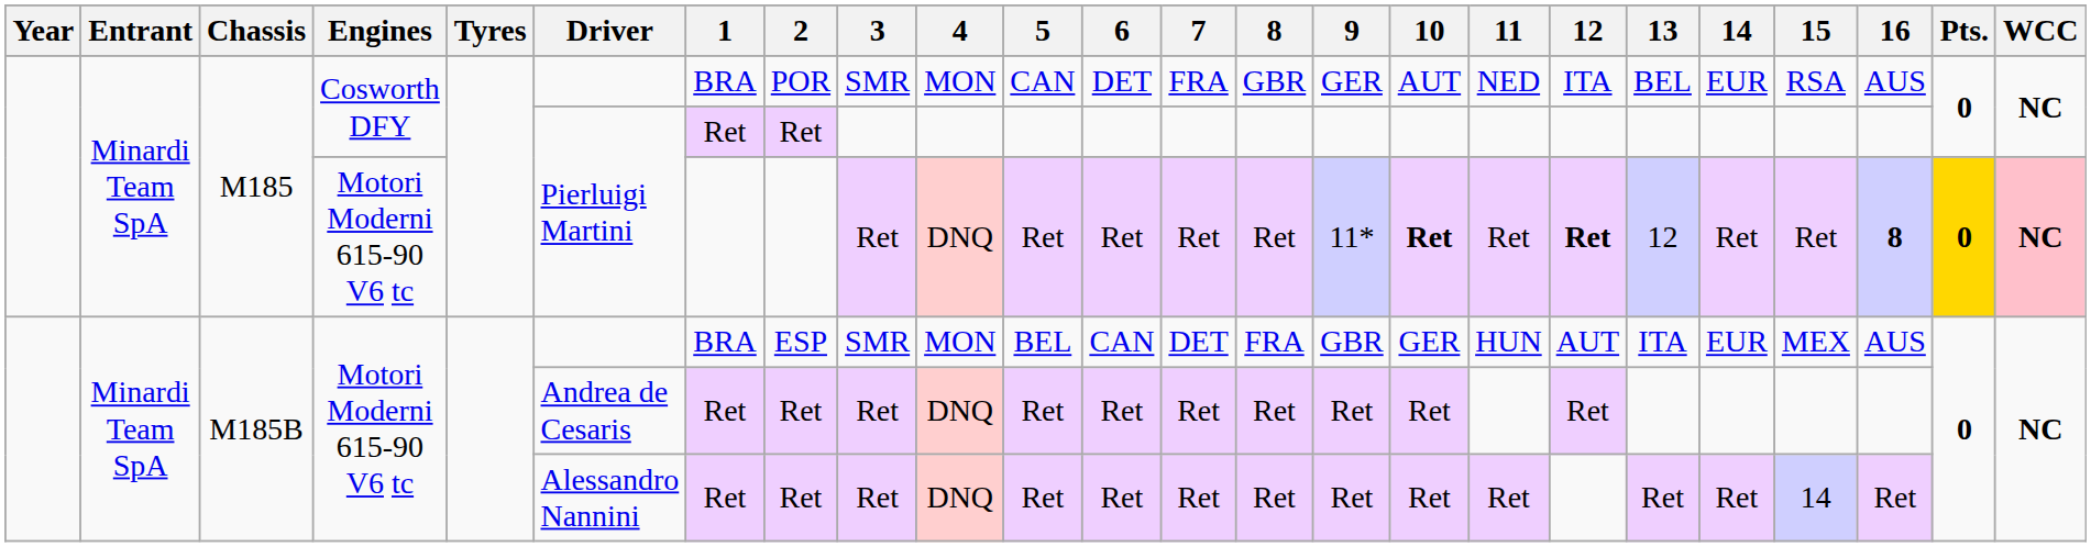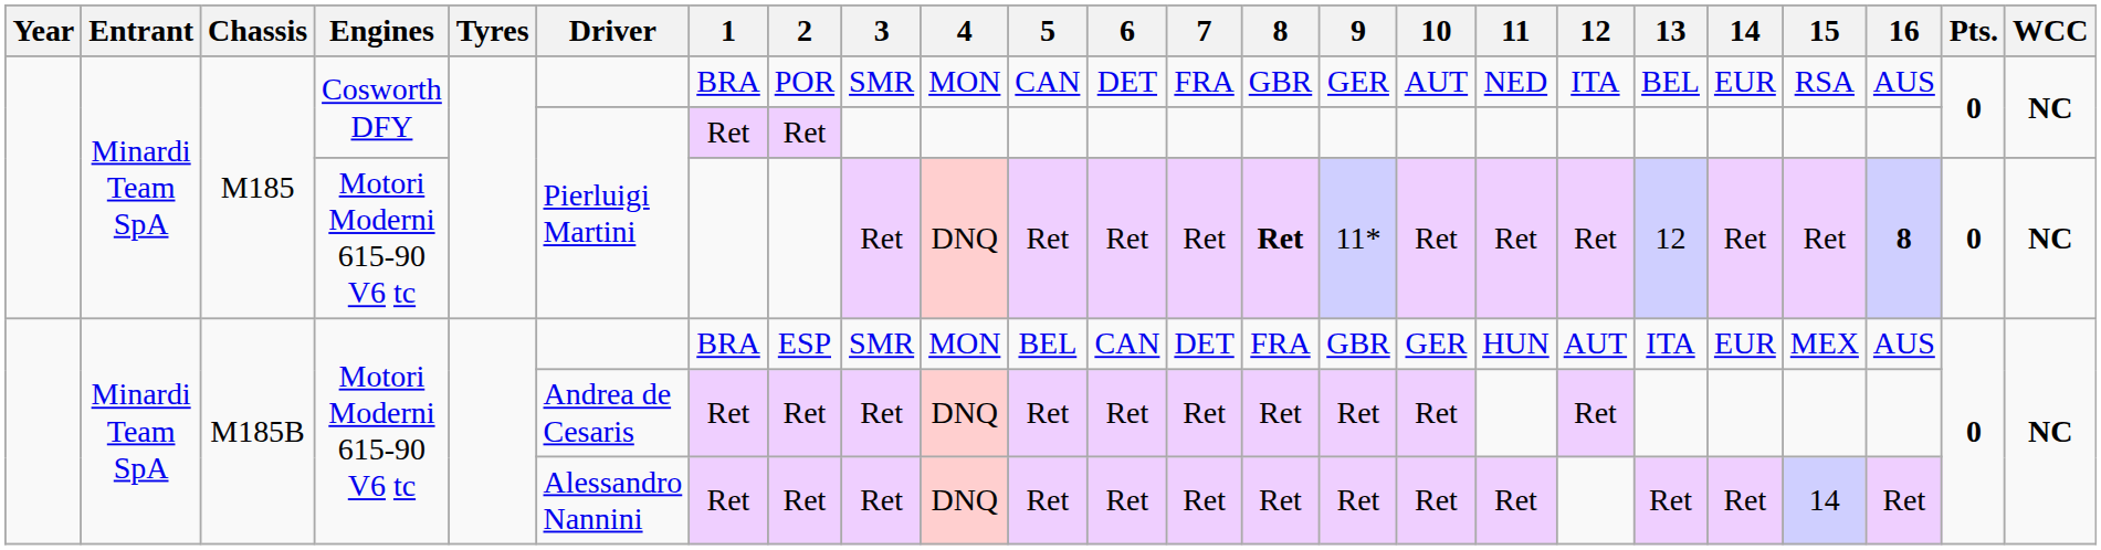 <table class="wikitable" style="text-align:center; font-size:95%">
 <tr>
 <th>Year</th>
 <th>Entrant</th>
 <th>Chassis</th>
 <th>Engines</th>
 <th>Tyres</th>
 <th>Driver</th>
 <th>1</th>
 <th>2</th>
 <th>3</th>
 <th>4</th>
 <th>5</th>
 <th>6</th>
 <th>7</th>
 <th>8</th>
 <th>9</th>
 <th>10</th>
 <th>11</th>
 <th>12</th>
 <th>13</th>
 <th>14</th>
 <th>15</th>
 <th>16</th>
 <th>Pts.</th>
 <th>WCC</th>
 </tr>
 <tr>
 <td rowspan="3"></td>
 <td rowspan="3"><a href='#'>Minardi Team SpA</a></td>
 <td rowspan="3">M185</td>
 <td rowspan="2"><a href='#'>Cosworth DFY</a></td>
 <td rowspan="3"></td>
 <td></td>
 <td><a href='#'>BRA</a></td>
 <td><a href='#'>POR</a></td>
 <td><a href='#'>SMR</a></td>
 <td><a href='#'>MON</a></td>
 <td><a href='#'>CAN</a></td>
 <td><a href='#'>DET</a></td>
 <td><a href='#'>FRA</a></td>
 <td><a href='#'>GBR</a></td>
 <td><a href='#'>GER</a></td>
 <td><a href='#'>AUT</a></td>
 <td><a href='#'>NED</a></td>
 <td><a href='#'>ITA</a></td>
 <td><a href='#'>BEL</a></td>
 <td><a href='#'>EUR</a></td>
 <td><a href='#'>RSA</a></td>
 <td><a href='#'>AUS</a></td>
 <td rowspan="2"><strong>0</strong></td>
 <td rowspan="2"><strong>NC</strong></td>
 </tr>
 <tr>
 <td rowspan="2" align="left"> <a href='#'>Pierluigi Martini</a></td>
 <td style="background:#EFCFFF;">Ret</td>
 <td style="background:#EFCFFF;">Ret</td>
 <td></td>
 <td></td>
 <td></td>
 <td></td>
 <td></td>
 <td></td>
 <td></td>
 <td></td>
 <td></td>
 <td></td>
 <td></td>
 <td></td>
 <td></td>
 <td></td>
 </tr>
 <tr>
 <td><a href='#'>Motori Moderni</a> 615-90 <a href='#'>V6</a> <a href='#'>tc</a></td>
 <td></td>
 <td></td>
 <td style="background:#EFCFFF;">Ret</td>
 <td style="background:#ffcfcf;">DNQ</td>
 <td style="background:#EFCFFF;">Ret</td>
 <td style="background:#EFCFFF;">Ret</td>
 <td style="background:#EFCFFF;">Ret</td>
+<td style="background:#EFCFFF;"><strong>Ret</strong></td>
+<td style="background:#CFCFFF;">11*</td>
 <td style="background:#EFCFFF;">Ret</td>
-<td style="background:#CFCFFF;">11*</td>
-<td style="background:#EFCFFF;"><strong>Ret</strong></td>
 <td style="background:#EFCFFF;">Ret</td>
-<td style="background:#EFCFFF;"><strong>Ret</strong></td>
+<td style="background:#EFCFFF;">Ret</td>
 <td style="background:#CFCFFF;">12</td>
 <td style="background:#EFCFFF;">Ret</td>
 <td style="background:#EFCFFF;">Ret</td>
 <td style="background:#CFCFFF;"><strong>8</strong></td>
-<td style="background: gold;"><strong>0</strong></td>
-<td style="background: pink;"><strong>NC</strong></td>
+<td><strong>0</strong></td>
+<td><strong>NC</strong></td>
 </tr>
 <tr>
 <td rowspan="3"></td>
 <td rowspan="3"><a href='#'>Minardi Team SpA</a></td>
 <td rowspan="3">M185B</td>
 <td rowspan="3"><a href='#'>Motori Moderni</a> 615-90 <a href='#'>V6</a> <a href='#'>tc</a></td>
 <td rowspan="3"></td>
 <td></td>
 <td><a href='#'>BRA</a></td>
 <td><a href='#'>ESP</a></td>
 <td><a href='#'>SMR</a></td>
 <td><a href='#'>MON</a></td>
 <td><a href='#'>BEL</a></td>
 <td><a href='#'>CAN</a></td>
 <td><a href='#'>DET</a></td>
 <td><a href='#'>FRA</a></td>
 <td><a href='#'>GBR</a></td>
 <td><a href='#'>GER</a></td>
 <td><a href='#'>HUN</a></td>
 <td><a href='#'>AUT</a></td>
 <td><a href='#'>ITA</a></td>
 <td><a href='#'>EUR</a></td>
 <td><a href='#'>MEX</a></td>
 <td><a href='#'>AUS</a></td>
 <td rowspan="3"><strong>0</strong></td>
 <td rowspan="3"><strong>NC</strong></td>
 </tr>
 <tr>
 <td align="left"> <a href='#'>Andrea de Cesaris</a></td>
 <td style="background:#EFCFFF;">Ret</td>
 <td style="background:#EFCFFF;">Ret</td>
 <td style="background:#EFCFFF;">Ret</td>
 <td style="background:#ffcfcf;">DNQ</td>
 <td style="background:#EFCFFF;">Ret</td>
 <td style="background:#EFCFFF;">Ret</td>
 <td style="background:#EFCFFF;">Ret</td>
 <td style="background:#EFCFFF;">Ret</td>
 <td style="background:#EFCFFF;">Ret</td>
 <td style="background:#EFCFFF;">Ret</td>
 <td></td>
 <td style="background:#EFCFFF;">Ret</td>
 <td></td>
 <td></td>
 <td></td>
 <td></td>
 </tr>
 <tr>
 <td align="left"> <a href='#'>Alessandro Nannini</a></td>
 <td style="background:#EFCFFF;">Ret</td>
 <td style="background:#EFCFFF;">Ret</td>
 <td style="background:#EFCFFF;">Ret</td>
 <td style="background:#ffcfcf;">DNQ</td>
 <td style="background:#EFCFFF;">Ret</td>
 <td style="background:#EFCFFF;">Ret</td>
 <td style="background:#EFCFFF;">Ret</td>
 <td style="background:#EFCFFF;">Ret</td>
 <td style="background:#EFCFFF;">Ret</td>
 <td style="background:#EFCFFF;">Ret</td>
 <td style="background:#EFCFFF;">Ret</td>
 <td></td>
 <td style="background:#EFCFFF;">Ret</td>
 <td style="background:#EFCFFF;">Ret</td>
 <td style="background:#CFCFFF;">14</td>
 <td style="background:#EFCFFF;">Ret</td>
 </tr>
 </table>
